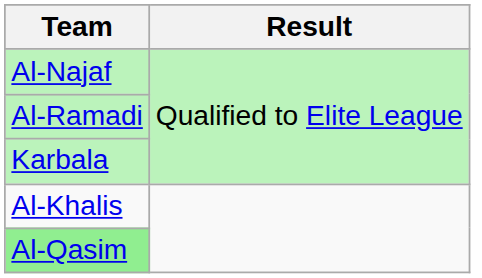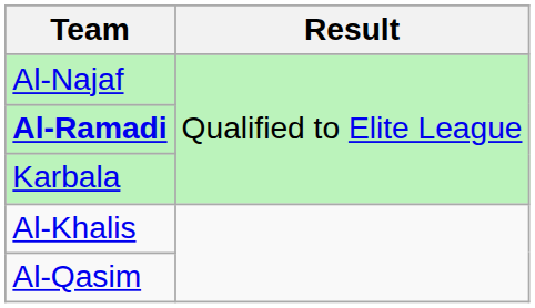 <table class="wikitable" style="text-align: center;">
 <tr>
 <th>Team</th>
 <th>Result</th>
 </tr>
 <tr>
 <td style="background:#BBF3BB; text-align: left"><a href='#'>Al-Najaf</a></td>
 <td style="background:#BBF3BB;" rowspan=3>Qualified to <a href='#'>Elite League</a></td>
 </tr>
 <tr>
-<td style="background:#BBF3BB; text-align: left"><a href='#'>Al-Ramadi</a></td>
+<td style="background:#BBF3BB; text-align: left"><strong><a href='#'>Al-Ramadi</a></strong></td>
 </tr>
 <tr>
 <td style="background:#BBF3BB; text-align: left"><a href='#'>Karbala</a></td>
 </tr>
 <tr>
 <td style="text-align: left"><a href='#'>Al-Khalis</a></td>
 </tr>
 <tr>
-<td style="background: lightgreen; text-align: left"><a href='#'>Al-Qasim</a></td>
+<td style="text-align: left"><a href='#'>Al-Qasim</a></td>
 </tr>
 </table>
